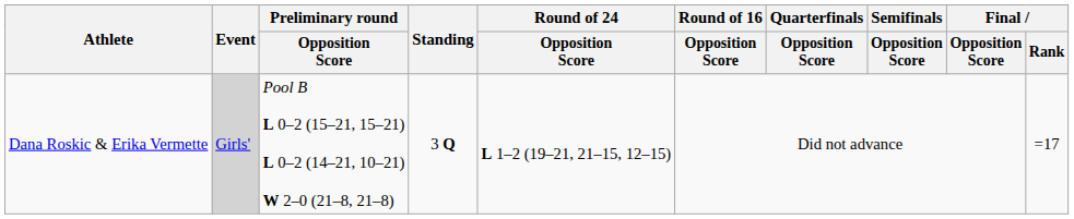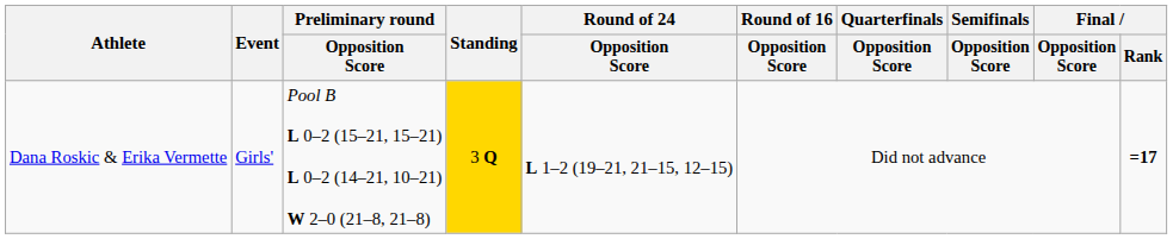 <table class=wikitable style="font-size:90%">
 <tr>
 <th rowspan="2">Athlete</th>
 <th rowspan="2">Event</th>
 <th>Preliminary round</th>
 <th rowspan="2">Standing</th>
 <th>Round of 24</th>
 <th>Round of 16</th>
 <th>Quarterfinals</th>
 <th>Semifinals</th>
 <th colspan=2>Final / </th>
 </tr>
 <tr style="font-size:95%">
 <th>Opposition<br>Score</th>
 <th>Opposition<br>Score</th>
 <th>Opposition<br>Score</th>
 <th>Opposition<br>Score</th>
 <th>Opposition<br>Score</th>
 <th>Opposition<br>Score</th>
 <th>Rank</th>
 </tr>
 <tr align=center>
 <td align=left><a href='#'>Dana Roskic</a> & <a href='#'>Erika Vermette</a></td>
-<td align=left style="background: lightgrey;"><a href='#'>Girls'</a></td>
+<td align=left><a href='#'>Girls'</a></td>
 <td align=left align=center><em>Pool B</em> <br><br><strong>L</strong> 0–2 (15–21, 15–21)<br><br><strong>L</strong> 0–2 (14–21, 10–21)<br><br><strong>W</strong> 2–0 (21–8, 21–8)</td>
-<td>3 <strong>Q</strong></td>
+<td style="background: gold;">3 <strong>Q</strong></td>
 <td><br><strong>L</strong> 1–2 (19–21, 21–15, 12–15)</td>
 <td colspan=4>Did not advance</td>
-<td>=17</td>
+<td><strong>=17</strong></td>
 </tr>
 </table>
